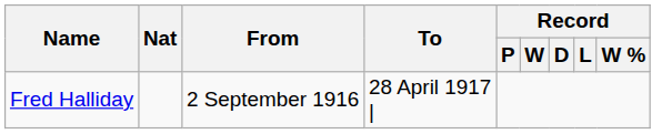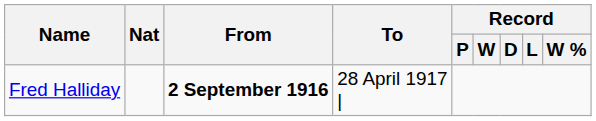 <table class="wikitable" style="text-align: center">
 <tr>
 <th rowspan="2">Name</th>
 <th rowspan="2">Nat</th>
 <th rowspan="2">From</th>
 <th rowspan="2">To</th>
 <th colspan="5">Record</th>
 </tr>
 <tr>
 <th>P</th>
 <th>W</th>
 <th>D</th>
 <th>L</th>
 <th>W %</th>
 </tr>
 <tr>
 <td align=left><a href='#'>Fred Halliday</a></td>
 <td></td>
-<td align=left>2 September 1916</td>
+<td align=left><strong>2 September 1916</strong></td>
 <td align=left>28 April 1917<br>|</td>
 </tr>
 </table>
